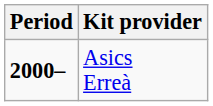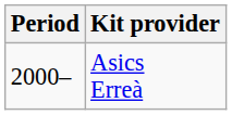 <table class="wikitable" style="text-align: left">
 <tr>
 <th>Period</th>
 <th>Kit provider</th>
 </tr>
 <tr>
-<td><strong>2000–</strong></td>
+<td>2000–</td>
 <td><a href='#'>Asics</a><br><a href='#'>Erreà</a></td>
 </tr>
 </table>
